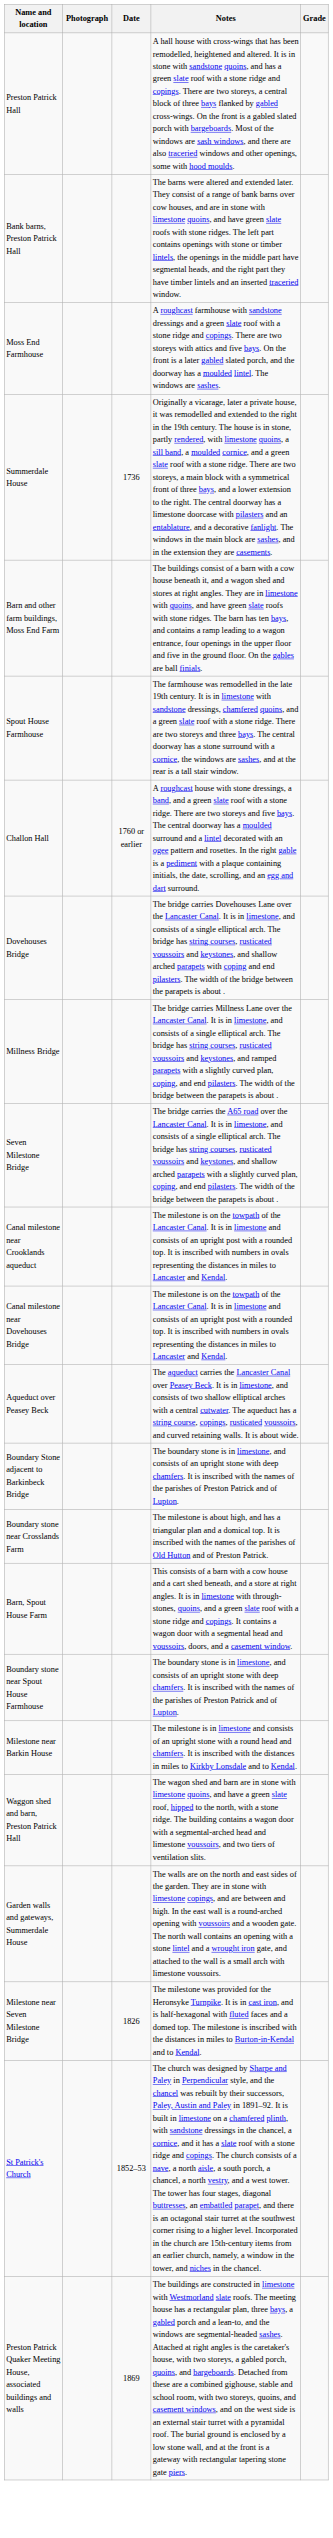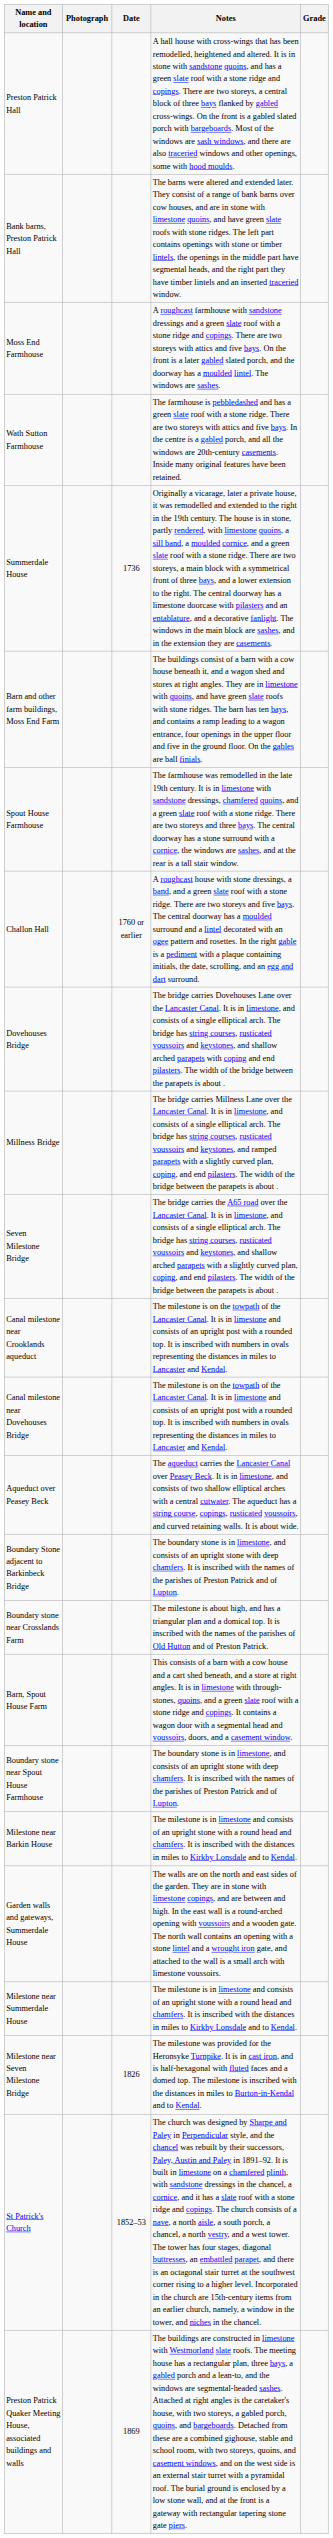 <table class="wikitable sortable plainrowheaders" style="width:100%; border:0; text-align:left; line-height:150%;">
 <tr>
 <th scope="col"  style="width:150px">Name and location</th>
 <th scope="col"  style="width:100px" class="unsortable">Photograph</th>
 <th scope="col"  style="width:120px">Date</th>
 <th scope="col"  style="width:650px" class="unsortable">Notes</th>
 <th scope="col"  style="width:50px">Grade</th>
 </tr>
 <tr>
 <td>Preston Patrick Hall<br><small></small></td>
 <td></td>
 <td align="center"></td>
 <td>A hall house with cross-wings that has been remodelled, heightened and altered.  It is in stone with <a href='#'>sandstone</a> <a href='#'>quoins</a>, and has a green <a href='#'>slate</a> roof with a stone ridge and <a href='#'>copings</a>.  There are two storeys, a central block of three <a href='#'>bays</a> flanked by <a href='#'>gabled</a> cross-wings.  On the front is a gabled slated porch with <a href='#'>bargeboards</a>.  Most of the windows are <a href='#'>sash windows</a>, and there are also <a href='#'>traceried</a> windows and other openings, some with <a href='#'>hood moulds</a>.</td>
 <td align="center" ></td>
 </tr>
 <tr>
 <td>Bank barns, Preston Patrick Hall<br><small></small></td>
 <td></td>
 <td align="center"></td>
 <td>The barns were altered and extended later.  They consist of a range of bank barns over cow houses, and are in stone with <a href='#'>limestone</a> <a href='#'>quoins</a>, and have green <a href='#'>slate</a> roofs with stone ridges.  The left part contains openings with stone or timber <a href='#'>lintels</a>, the openings in the middle part have segmental heads, and the right part they have timber lintels and an inserted <a href='#'>traceried</a> window.</td>
 <td align="center" ></td>
 </tr>
 <tr>
 <td>Moss End Farmhouse<br><small></small></td>
 <td></td>
 <td align="center"></td>
 <td>A <a href='#'>roughcast</a> farmhouse with <a href='#'>sandstone</a> dressings and a green <a href='#'>slate</a> roof with a stone ridge and <a href='#'>copings</a>.  There are two storeys with attics and five <a href='#'>bays</a>.  On the front is a later <a href='#'>gabled</a> slated porch, and the doorway has a <a href='#'>moulded</a> <a href='#'>lintel</a>.  The windows are <a href='#'>sashes</a>.</td>
+<td align="center" ></td>
+</tr>
+<tr>
+<td>Wath Sutton Farmhouse<br><small></small></td>
+<td></td>
+<td align="center"></td>
+<td>The farmhouse is <a href='#'>pebbledashed</a> and has a green <a href='#'>slate</a> roof with a stone ridge.  There are two storeys with attics and five <a href='#'>bays</a>.  In the centre is a <a href='#'>gabled</a> porch, and all the windows are 20th-century <a href='#'>casements</a>.  Inside many original features have been retained.</td>
 <td align="center" ></td>
 </tr>
 <tr>
 <td>Summerdale House<br><small></small></td>
 <td></td>
 <td align="center">1736</td>
 <td>Originally a vicarage, later a private house, it was remodelled and extended to the right in the 19th century.  The house is in stone, partly <a href='#'>rendered</a>, with <a href='#'>limestone</a> <a href='#'>quoins</a>, a <a href='#'>sill band</a>, a <a href='#'>moulded</a> <a href='#'>cornice</a>, and a green <a href='#'>slate</a> roof with a stone ridge.  There are two storeys, a main block with a symmetrical front of three <a href='#'>bays</a>, and a lower extension to the right.  The central doorway has a limestone doorcase with <a href='#'>pilasters</a> and an <a href='#'>entablature</a>, and a decorative <a href='#'>fanlight</a>.  The windows in the main block are <a href='#'>sashes</a>, and in the extension they are <a href='#'>casements</a>.</td>
 <td align="center" ></td>
 </tr>
 <tr>
 <td>Barn and other farm buildings,<br>Moss End Farm<br><small></small></td>
 <td></td>
 <td align="center"></td>
 <td>The buildings consist of a barn with a cow house beneath it, and a wagon shed and stores at right angles.  They are in <a href='#'>limestone</a> with <a href='#'>quoins</a>, and have green <a href='#'>slate</a> roofs with stone ridges.  The barn has ten <a href='#'>bays</a>, and contains a ramp leading to a wagon entrance, four openings in the upper floor and five in the ground floor.  On the <a href='#'>gables</a> are ball <a href='#'>finials</a>.</td>
 <td align="center" ></td>
 </tr>
 <tr>
 <td>Spout House Farmhouse<br><small></small></td>
 <td></td>
 <td align="center"></td>
 <td>The farmhouse was remodelled in the late 19th century.  It is in <a href='#'>limestone</a> with <a href='#'>sandstone</a> dressings, <a href='#'>chamfered</a> <a href='#'>quoins</a>, and a green <a href='#'>slate</a> roof with a stone ridge.  There are two storeys and three <a href='#'>bays</a>.  The central doorway has a stone surround with a <a href='#'>cornice</a>, the windows are <a href='#'>sashes</a>, and at the rear is a tall stair window.</td>
 <td align="center" ></td>
 </tr>
 <tr>
 <td>Challon Hall<br><small></small></td>
 <td></td>
 <td align="center">1760 or earlier</td>
 <td>A <a href='#'>roughcast</a> house with stone dressings, a <a href='#'>band</a>, and a green <a href='#'>slate</a> roof with a stone ridge.  There are two storeys and five <a href='#'>bays</a>.  The central doorway has a <a href='#'>moulded</a> surround and a <a href='#'>lintel</a> decorated with an <a href='#'>ogee</a> pattern and rosettes.  In the right <a href='#'>gable</a> is a <a href='#'>pediment</a> with a plaque containing initials, the date, scrolling, and an <a href='#'>egg and dart</a> surround.</td>
 <td align="center" ></td>
 </tr>
 <tr>
 <td>Dovehouses Bridge<br><small></small></td>
 <td></td>
 <td align="center"></td>
 <td>The bridge carries Dovehouses Lane over the <a href='#'>Lancaster Canal</a>.  It is in <a href='#'>limestone</a>, and consists of a single elliptical arch.  The bridge has <a href='#'>string courses</a>, <a href='#'>rusticated</a> <a href='#'>voussoirs</a> and <a href='#'>keystones</a>, and shallow arched <a href='#'>parapets</a> with <a href='#'>coping</a> and end <a href='#'>pilasters</a>.  The width of the bridge between the parapets is about .</td>
 <td align="center" ></td>
 </tr>
 <tr>
 <td>Millness Bridge<br><small></small></td>
 <td></td>
 <td align="center"></td>
 <td>The bridge carries Millness Lane over the <a href='#'>Lancaster Canal</a>.  It is in <a href='#'>limestone</a>, and consists of a single elliptical arch.  The bridge has <a href='#'>string courses</a>, <a href='#'>rusticated</a> <a href='#'>voussoirs</a> and <a href='#'>keystones</a>, and ramped <a href='#'>parapets</a> with a slightly curved plan, <a href='#'>coping</a>, and end <a href='#'>pilasters</a>.  The width of the bridge between the parapets is about .</td>
 <td align="center" ></td>
 </tr>
 <tr>
 <td>Seven Milestone Bridge<br><small></small></td>
 <td></td>
 <td align="center"></td>
 <td>The bridge carries the <a href='#'>A65 road</a> over the <a href='#'>Lancaster Canal</a>.  It is in <a href='#'>limestone</a>, and consists of a single elliptical arch.  The bridge has <a href='#'>string courses</a>, <a href='#'>rusticated</a> <a href='#'>voussoirs</a> and <a href='#'>keystones</a>, and shallow arched <a href='#'>parapets</a> with a slightly curved plan, <a href='#'>coping</a>, and end <a href='#'>pilasters</a>.  The width of the bridge between the parapets is about .</td>
 <td align="center" ></td>
 </tr>
 <tr>
 <td>Canal milestone near Crooklands aqueduct<br><small></small></td>
 <td></td>
 <td align="center"></td>
 <td>The milestone is on the <a href='#'>towpath</a> of the <a href='#'>Lancaster Canal</a>.  It is in <a href='#'>limestone</a> and consists of an upright post with a rounded top.  It is inscribed with numbers in ovals representing the distances in miles to <a href='#'>Lancaster</a> and <a href='#'>Kendal</a>.</td>
 <td align="center" ></td>
 </tr>
 <tr>
 <td>Canal milestone near Dovehouses Bridge<br><small></small></td>
 <td></td>
 <td align="center"></td>
 <td>The milestone is on the <a href='#'>towpath</a> of the <a href='#'>Lancaster Canal</a>.  It is in <a href='#'>limestone</a> and consists of an upright post with a rounded top.  It is inscribed with numbers in ovals representing the distances in miles to <a href='#'>Lancaster</a> and <a href='#'>Kendal</a>.</td>
 <td align="center" ></td>
 </tr>
 <tr>
 <td>Aqueduct over Peasey Beck<br><small></small></td>
 <td></td>
 <td align="center"></td>
 <td>The <a href='#'>aqueduct</a> carries the <a href='#'>Lancaster Canal</a> over <a href='#'>Peasey Beck</a>.  It is in <a href='#'>limestone</a>, and consists of two shallow elliptical arches with a central <a href='#'>cutwater</a>.  The aqueduct has a <a href='#'>string course</a>, <a href='#'>copings</a>, <a href='#'>rusticated</a> <a href='#'>voussoirs</a>, and curved retaining walls.  It is about  wide.</td>
 <td align="center" ></td>
 </tr>
 <tr>
 <td>Boundary Stone adjacent to Barkinbeck Bridge<br><small></small></td>
 <td></td>
 <td align="center"></td>
 <td>The boundary stone is in <a href='#'>limestone</a>, and consists of an upright stone with deep <a href='#'>chamfers</a>.  It is inscribed with the names of the parishes of Preston Patrick and of <a href='#'>Lupton</a>.</td>
 <td align="center" ></td>
 </tr>
 <tr>
 <td>Boundary stone near Crosslands Farm<br><small></small></td>
 <td></td>
 <td align="center"></td>
 <td>The milestone is about  high, and has a triangular plan and a domical top.  It is inscribed with the names of the parishes of <a href='#'>Old Hutton</a> and of Preston Patrick.</td>
 <td align="center" ></td>
 </tr>
 <tr>
 <td>Barn, Spout House Farm<br><small></small></td>
 <td></td>
 <td align="center"></td>
 <td>This consists of a barn with a cow house and a cart shed beneath, and a store at right angles.  It is in <a href='#'>limestone</a> with through-stones, <a href='#'>quoins</a>, and a green <a href='#'>slate</a> roof with a stone ridge and <a href='#'>copings</a>.  It contains a wagon door with a segmental head and <a href='#'>voussoirs</a>, doors, and a <a href='#'>casement window</a>.</td>
 <td align="center" ></td>
 </tr>
 <tr>
 <td>Boundary stone near Spout House Farmhouse<br><small></small></td>
 <td></td>
 <td align="center"></td>
 <td>The boundary stone is in <a href='#'>limestone</a>, and consists of an upright stone with deep <a href='#'>chamfers</a>.  It is inscribed with the names of the parishes of Preston Patrick and of <a href='#'>Lupton</a>.</td>
 <td align="center" ></td>
 </tr>
 <tr>
 <td>Milestone near Barkin House<br><small></small></td>
 <td></td>
 <td align="center"></td>
 <td>The milestone is in <a href='#'>limestone</a> and consists of an upright stone with a round head and <a href='#'>chamfers</a>.  It is inscribed with the distances in miles to <a href='#'>Kirkby Lonsdale</a> and to <a href='#'>Kendal</a>.</td>
 <td align="center" ></td>
 </tr>
 <tr>
-<td>Waggon shed and barn,<br>Preston Patrick Hall<br><small></small></td>
-<td></td>
-<td align="center"></td>
-<td>The wagon shed and barn are in stone with <a href='#'>limestone</a> <a href='#'>quoins</a>, and have a green <a href='#'>slate</a> roof, <a href='#'>hipped</a> to the north, with a stone ridge.  The building contains a wagon door with a segmental-arched head and limestone <a href='#'>voussoirs</a>, and two tiers of ventilation slits.</td>
-<td align="center" ></td>
-</tr>
-<tr>
 <td>Garden walls and gateways, Summerdale House<br><small></small></td>
 <td></td>
 <td align="center"></td>
 <td>The walls are on the north and east sides of the garden.  They are in stone with <a href='#'>limestone</a> <a href='#'>copings</a>, and are between  and  high.  In the east wall is a round-arched opening with <a href='#'>voussoirs</a> and a wooden gate.  The north wall contains an opening with a stone <a href='#'>lintel</a> and a <a href='#'>wrought iron</a> gate, and attached to the wall is a small arch with limestone voussoirs.</td>
+<td align="center" ></td>
+</tr>
+<tr>
+<td>Milestone near Summerdale House<br><small></small></td>
+<td></td>
+<td align="center"></td>
+<td>The milestone is in <a href='#'>limestone</a> and consists of an upright stone with a round head and <a href='#'>chamfers</a>.  It is inscribed with the distances in miles to <a href='#'>Kirkby Lonsdale</a> and to <a href='#'>Kendal</a>.</td>
 <td align="center" ></td>
 </tr>
 <tr>
 <td>Milestone near Seven Milestone Bridge<br><small></small></td>
 <td></td>
 <td align="center">1826</td>
 <td>The milestone was provided for the Heronsyke <a href='#'>Turnpike</a>.  It is in <a href='#'>cast iron</a>, and is half-hexagonal with <a href='#'>fluted</a> faces and a domed top.  The milestone is inscribed with the distances in miles to <a href='#'>Burton-in-Kendal</a> and to <a href='#'>Kendal</a>.</td>
 <td align="center" ></td>
 </tr>
 <tr>
 <td><a href='#'>St Patrick's Church</a><br><small></small></td>
 <td></td>
 <td align="center">1852–53</td>
 <td>The church was designed by <a href='#'>Sharpe and Paley</a> in <a href='#'>Perpendicular</a> style, and the <a href='#'>chancel</a> was rebuilt by their successors, <a href='#'>Paley, Austin and Paley</a> in 1891–92.  It is built in <a href='#'>limestone</a> on a <a href='#'>chamfered</a> <a href='#'>plinth</a>, with <a href='#'>sandstone</a> dressings in the chancel, a <a href='#'>cornice</a>, and it has a <a href='#'>slate</a> roof with a stone ridge and <a href='#'>copings</a>.  The church consists of a <a href='#'>nave</a>, a north <a href='#'>aisle</a>, a south porch, a chancel, a north <a href='#'>vestry</a>, and a west tower.  The tower has four stages, diagonal <a href='#'>buttresses</a>, an <a href='#'>embattled</a> <a href='#'>parapet</a>, and there is an octagonal stair turret at the southwest corner rising to a higher level.  Incorporated in the church are 15th-century items from an earlier church, namely, a window in the tower, and <a href='#'>niches</a> in the chancel.</td>
 <td align="center" ></td>
 </tr>
 <tr>
 <td>Preston Patrick Quaker Meeting House, associated buildings and walls<br><small></small></td>
 <td></td>
 <td align="center">1869</td>
 <td>The buildings are constructed in <a href='#'>limestone</a> with <a href='#'>Westmorland</a> <a href='#'>slate</a> roofs.  The meeting house has a rectangular plan, three <a href='#'>bays</a>, a <a href='#'>gabled</a> porch and a lean-to, and the windows are segmental-headed <a href='#'>sashes</a>.  Attached at right angles is the caretaker's house, with two storeys, a gabled porch, <a href='#'>quoins</a>, and <a href='#'>bargeboards</a>.  Detached from these are a combined gighouse, stable and school room, with two storeys, quoins, and <a href='#'>casement windows</a>, and on the west side is an external stair turret with a pyramidal roof.  The burial ground is enclosed by a low stone wall, and at the front is a gateway with rectangular tapering stone gate <a href='#'>piers</a>.</td>
 <td align="center" ></td>
 </tr>
 <tr>
 </tr>
 </table>
